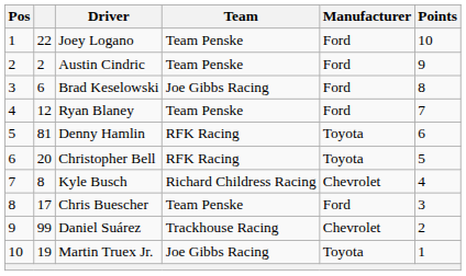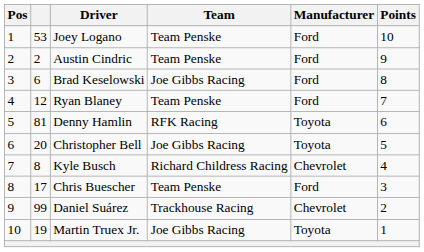 <table class="wikitable" style="font-size:98%">
 <tr>
 <th>Pos</th>
 <th></th>
 <th>Driver</th>
 <th>Team</th>
 <th>Manufacturer</th>
 <th>Points</th>
 </tr>
 <tr>
 <td>1</td>
-<td>22</td>
+<td>53</td>
 <td>Joey Logano</td>
 <td>Team Penske</td>
 <td>Ford</td>
 <td>10</td>
 </tr>
 <tr>
 <td>2</td>
 <td>2</td>
 <td>Austin Cindric</td>
 <td>Team Penske</td>
 <td>Ford</td>
 <td>9</td>
 </tr>
 <tr>
 <td>3</td>
 <td>6</td>
 <td>Brad Keselowski</td>
 <td>Joe Gibbs Racing</td>
 <td>Ford</td>
 <td>8</td>
 </tr>
 <tr>
 <td>4</td>
 <td>12</td>
 <td>Ryan Blaney</td>
 <td>Team Penske</td>
 <td>Ford</td>
 <td>7</td>
 </tr>
 <tr>
 <td>5</td>
 <td>81</td>
 <td>Denny Hamlin</td>
 <td>RFK Racing</td>
 <td>Toyota</td>
 <td>6</td>
 </tr>
 <tr>
 <td>6</td>
 <td>20</td>
 <td>Christopher Bell</td>
-<td>RFK Racing</td>
+<td>Joe Gibbs Racing</td>
 <td>Toyota</td>
 <td>5</td>
 </tr>
 <tr>
 <td>7</td>
 <td>8</td>
 <td>Kyle Busch</td>
 <td>Richard Childress Racing</td>
 <td>Chevrolet</td>
 <td>4</td>
 </tr>
 <tr>
 <td>8</td>
 <td>17</td>
 <td>Chris Buescher</td>
 <td>Team Penske</td>
 <td>Ford</td>
 <td>3</td>
 </tr>
 <tr>
 <td>9</td>
 <td>99</td>
 <td>Daniel Suárez</td>
 <td>Trackhouse Racing</td>
 <td>Chevrolet</td>
 <td>2</td>
 </tr>
 <tr>
 <td>10</td>
 <td>19</td>
 <td>Martin Truex Jr.</td>
 <td>Joe Gibbs Racing</td>
 <td>Toyota</td>
 <td>1</td>
 </tr>
 <tr>
 <th colspan="6"></th>
 </tr>
 </table>
